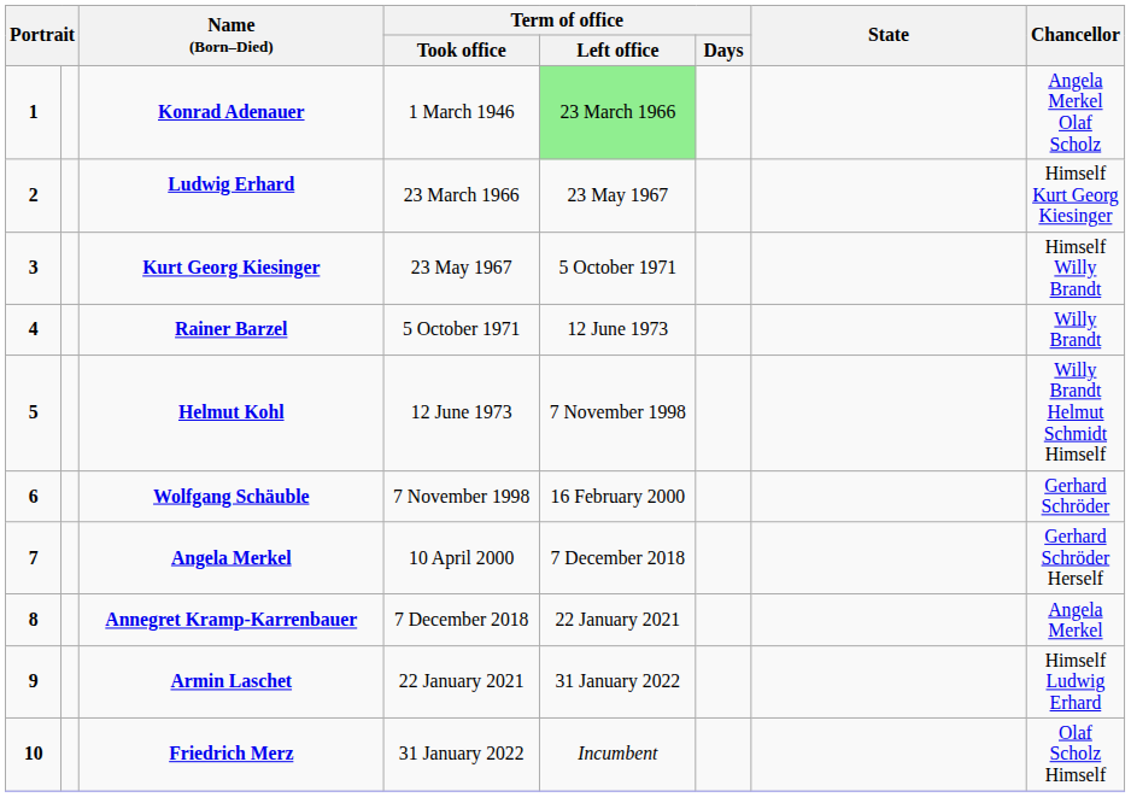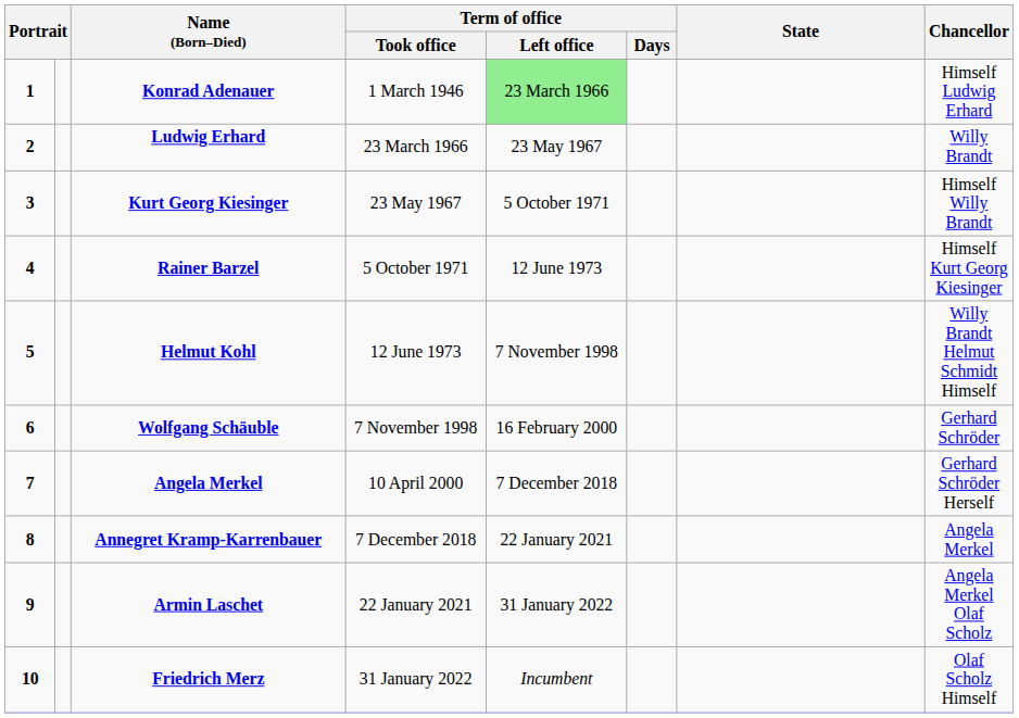 <table class="wikitable" style="text-align:center; width:75%; border:1px #AAAAFF solid">
 <tr>
 <th width=80px rowspan=2 colspan=2>Portrait</th>
 <th width=30% rowspan=2>Name<br><small>(Born–Died)</small></th>
 <th width=35% colspan=3>Term of office</th>
 <th width=28% rowspan=2>State</th>
 <th width=28% rowspan=2>Chancellor</th>
 </tr>
 <tr>
 <th>Took office</th>
 <th>Left office</th>
 <th>Days</th>
 </tr>
 <tr>
 <td style="background:"><strong>1</strong></td>
 <td></td>
 <td><strong><a href='#'>Konrad Adenauer</a></strong><br></td>
 <td>1 March 1946</td>
 <td style="background: lightgreen;">23 March 1966</td>
 <td></td>
 <td></td>
-<td><a href='#'>Angela Merkel</a><br><a href='#'>Olaf Scholz</a></td>
+<td>Himself<br><a href='#'>Ludwig Erhard</a></td>
 </tr>
 <tr>
 <td style="background:"><strong>2</strong></td>
 <td></td>
 <td><strong><a href='#'>Ludwig Erhard</a></strong><br><br> </td>
 <td>23 March 1966</td>
 <td>23 May 1967</td>
 <td></td>
 <td></td>
-<td>Himself<br><a href='#'>Kurt Georg Kiesinger</a></td>
+<td><a href='#'>Willy Brandt</a></td>
 </tr>
 <tr>
 <td style="background:"><strong>3</strong></td>
 <td></td>
 <td><strong><a href='#'>Kurt Georg Kiesinger</a></strong><br></td>
 <td>23 May 1967</td>
 <td>5 October 1971</td>
 <td></td>
 <td></td>
 <td>Himself<br><a href='#'>Willy Brandt</a></td>
 </tr>
 <tr>
 <td style="background:"><strong>4</strong></td>
 <td></td>
 <td><strong><a href='#'>Rainer Barzel</a></strong><br></td>
 <td>5 October 1971</td>
 <td>12 June 1973</td>
 <td></td>
 <td></td>
-<td><a href='#'>Willy Brandt</a></td>
+<td>Himself<br><a href='#'>Kurt Georg Kiesinger</a></td>
 </tr>
 <tr>
 <td style="background:"><strong>5</strong></td>
 <td></td>
 <td><strong><a href='#'>Helmut Kohl</a></strong><br></td>
 <td>12 June 1973</td>
 <td>7 November 1998</td>
 <td></td>
 <td></td>
 <td><a href='#'>Willy Brandt</a><br><a href='#'>Helmut Schmidt</a><br>Himself</td>
 </tr>
 <tr>
 <td style="background:"><strong>6</strong></td>
 <td></td>
 <td><strong><a href='#'>Wolfgang Schäuble</a></strong><br></td>
 <td>7 November 1998</td>
 <td>16 February 2000</td>
 <td></td>
 <td></td>
 <td><a href='#'>Gerhard Schröder</a></td>
 </tr>
 <tr>
 <td style="background:"><strong>7</strong></td>
 <td></td>
 <td><strong><a href='#'>Angela Merkel</a></strong><br></td>
 <td>10 April 2000</td>
 <td>7 December 2018</td>
 <td></td>
 <td></td>
 <td><a href='#'>Gerhard Schröder</a><br>Herself</td>
 </tr>
 <tr>
 <td style="background:"><strong>8</strong></td>
 <td></td>
 <td><strong><a href='#'>Annegret Kramp-Karrenbauer</a></strong><br></td>
 <td>7 December 2018</td>
 <td>22 January 2021</td>
 <td></td>
 <td></td>
 <td><a href='#'>Angela Merkel</a></td>
 </tr>
 <tr>
 <td style="background:"><strong>9</strong></td>
 <td></td>
 <td><strong><a href='#'>Armin Laschet</a></strong><br></td>
 <td>22 January 2021</td>
 <td>31 January 2022</td>
 <td></td>
 <td></td>
-<td>Himself<br><a href='#'>Ludwig Erhard</a></td>
+<td><a href='#'>Angela Merkel</a><br><a href='#'>Olaf Scholz</a></td>
 </tr>
 <tr>
 <td style="background:"><strong>10</strong></td>
 <td></td>
 <td><strong><a href='#'>Friedrich Merz</a></strong><br></td>
 <td>31 January 2022</td>
 <td><em>Incumbent</em></td>
 <td></td>
 <td></td>
 <td><a href='#'>Olaf Scholz</a><br>Himself</td>
 </tr>
 <tr>
 </tr>
 </table>
